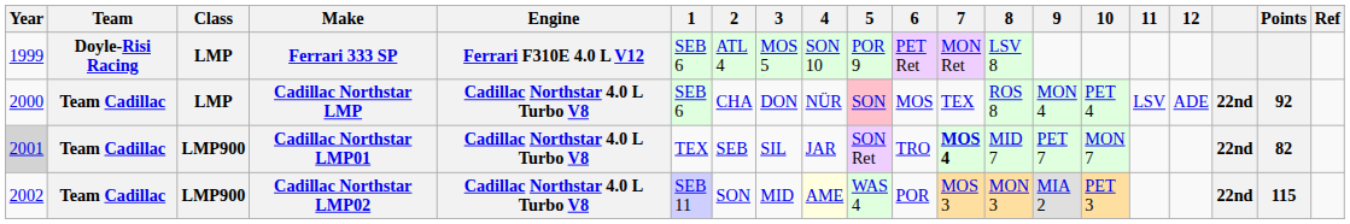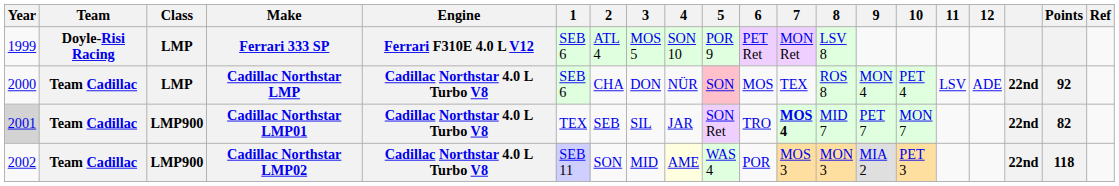 <table class="wikitable">
 <tr>
 <th>Year</th>
 <th>Team</th>
 <th>Class</th>
 <th>Make</th>
 <th>Engine</th>
 <th>1</th>
 <th>2</th>
 <th>3</th>
 <th>4</th>
 <th>5</th>
 <th>6</th>
 <th>7</th>
 <th>8</th>
 <th>9</th>
 <th>10</th>
 <th>11</th>
 <th>12</th>
 <th></th>
 <th>Points</th>
 <th>Ref</th>
 </tr>
 <tr>
 <td><a href='#'>1999</a></td>
 <th>Doyle-<a href='#'>Risi Racing</a></th>
 <th>LMP</th>
 <th><a href='#'>Ferrari 333 SP</a></th>
 <th><a href='#'>Ferrari</a> F310E 4.0 L <a href='#'>V12</a></th>
 <td style="background:#DFFFDF;"><a href='#'>SEB</a><br>6</td>
 <td style="background:#DFFFDF;"><a href='#'>ATL</a><br>4</td>
 <td style="background:#DFFFDF;"><a href='#'>MOS</a><br>5</td>
 <td style="background:#DFFFDF;"><a href='#'>SON</a><br>10</td>
 <td style="background:#DFFFDF;"><a href='#'>POR</a><br>9</td>
 <td style="background:#EFCFFF;"><a href='#'>PET</a><br>Ret</td>
 <td style="background:#EFCFFF;"><a href='#'>MON</a><br>Ret</td>
 <td style="background:#DFFFDF;"><a href='#'>LSV</a><br>8</td>
 <td></td>
 <td></td>
 <td></td>
 <td></td>
 <th></th>
 <th></th>
 <td></td>
 </tr>
 <tr>
 <td><a href='#'>2000</a></td>
 <th>Team <a href='#'>Cadillac</a></th>
 <th>LMP</th>
 <th><a href='#'>Cadillac Northstar LMP</a></th>
 <th><a href='#'>Cadillac</a> <a href='#'>Northstar</a> 4.0 L Turbo <a href='#'>V8</a></th>
 <td style="background:#DFFFDF;"><a href='#'>SEB</a><br>6</td>
 <td><a href='#'>CHA</a><br></td>
 <td><a href='#'>DON</a><br></td>
 <td><a href='#'>NÜR</a><br></td>
 <td style="background: pink;"><a href='#'>SON</a><br></td>
 <td><a href='#'>MOS</a><br></td>
 <td><a href='#'>TEX</a><br></td>
 <td style="background:#DFFFDF;"><a href='#'>ROS</a><br>8</td>
 <td style="background:#DFFFDF;"><a href='#'>MON</a><br>4</td>
 <td style="background:#DFFFDF;"><a href='#'>PET</a><br>4</td>
 <td><a href='#'>LSV</a><br></td>
 <td><a href='#'>ADE</a><br></td>
 <th>22nd</th>
 <th>92</th>
 <td></td>
 </tr>
 <tr>
 <td style="background: lightgrey;"><a href='#'>2001</a></td>
 <th>Team <a href='#'>Cadillac</a></th>
 <th>LMP900</th>
 <th><a href='#'>Cadillac Northstar LMP01</a></th>
 <th><a href='#'>Cadillac</a> <a href='#'>Northstar</a> 4.0 L Turbo <a href='#'>V8</a></th>
 <td><a href='#'>TEX</a><br></td>
 <td><a href='#'>SEB</a><br></td>
 <td><a href='#'>SIL</a><br></td>
 <td><a href='#'>JAR</a><br></td>
 <td style="background:#EFCFFF;"><a href='#'>SON</a><br>Ret</td>
 <td><a href='#'>TRO</a><br></td>
 <td style="background:#DFFFDF;"><strong><a href='#'>MOS</a><br>4</strong></td>
 <td style="background:#DFFFDF;"><a href='#'>MID</a><br>7</td>
 <td style="background:#DFFFDF;"><a href='#'>PET</a><br>7</td>
 <td style="background:#DFFFDF;"><a href='#'>MON</a><br>7</td>
 <td></td>
 <td></td>
 <th>22nd</th>
 <th>82</th>
 <td></td>
 </tr>
 <tr>
 <td><a href='#'>2002</a></td>
 <th>Team <a href='#'>Cadillac</a></th>
 <th>LMP900</th>
 <th><a href='#'>Cadillac Northstar LMP02</a></th>
 <th><a href='#'>Cadillac</a> <a href='#'>Northstar</a> 4.0 L Turbo <a href='#'>V8</a></th>
 <td style="background:#CFCFFF;”"><a href='#'>SEB</a><br>11</td>
 <td><a href='#'>SON</a><br></td>
 <td><a href='#'>MID</a><br></td>
 <td style="background: lightyellow;"><a href='#'>AME</a><br></td>
 <td style="background:#DFFFDF;"><a href='#'>WAS</a><br>4</td>
 <td><a href='#'>POR</a><br></td>
 <td style="background:#FFDF9F;”"><a href='#'>MOS</a><br>3</td>
 <td style="background:#FFDF9F;”"><a href='#'>MON</a><br>3</td>
 <td style="background:#DFDFDF;”"><a href='#'>MIA</a><br>2</td>
 <td style="background:#FFDF9F;”"><a href='#'>PET</a><br>3</td>
 <td></td>
 <td></td>
 <th>22nd</th>
-<th>115</th>
+<th>118</th>
 <td></td>
 </tr>
 </table>
